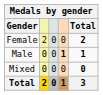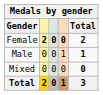 <table class="wikitable" style=font-size:85%;float:center;text-align:center>
 <tr>
 <th colspan=5>Medals by gender</th>
 </tr>
 <tr>
 <th>Gender</th>
 <td bgcolor=F7F6A8></td>
 <td bgcolor=DCE5E5></td>
 <td bgcolor=FFDAB9></td>
 <th>Total</th>
 </tr>
 <tr>
 <td>Female</td>
-<td bgcolor=F7F6A8>2</td>
-<td bgcolor=DCE5E5>0</td>
-<td bgcolor=FFDAB9>0</td>
+<td bgcolor=F7F6A8><strong>2</strong></td>
+<td bgcolor=DCE5E5><strong>0</strong></td>
+<td bgcolor=FFDAB9><strong>0</strong></td>
 <td><strong>2</strong></td>
 </tr>
 <tr>
 <td>Male</td>
 <td bgcolor=F7F6A8>0</td>
 <td bgcolor=DCE5E5>0</td>
-<td bgcolor=FFDAB9><strong>1</strong></td>
+<td bgcolor=FFDAB9>1</td>
 <td><strong>1</strong></td>
 </tr>
 <tr>
 <td>Mixed</td>
 <td bgcolor=F7F6A8>0</td>
 <td bgcolor=DCE5E5>0</td>
 <td bgcolor=FFDAB9>0</td>
 <td><strong>0</strong></td>
 </tr>
 <tr>
 <th>Total</th>
 <th style=background:gold>2</th>
 <th style=background:silver>0</th>
 <th style=background:#c96>1</th>
 <th>3</th>
 </tr>
 </table>
